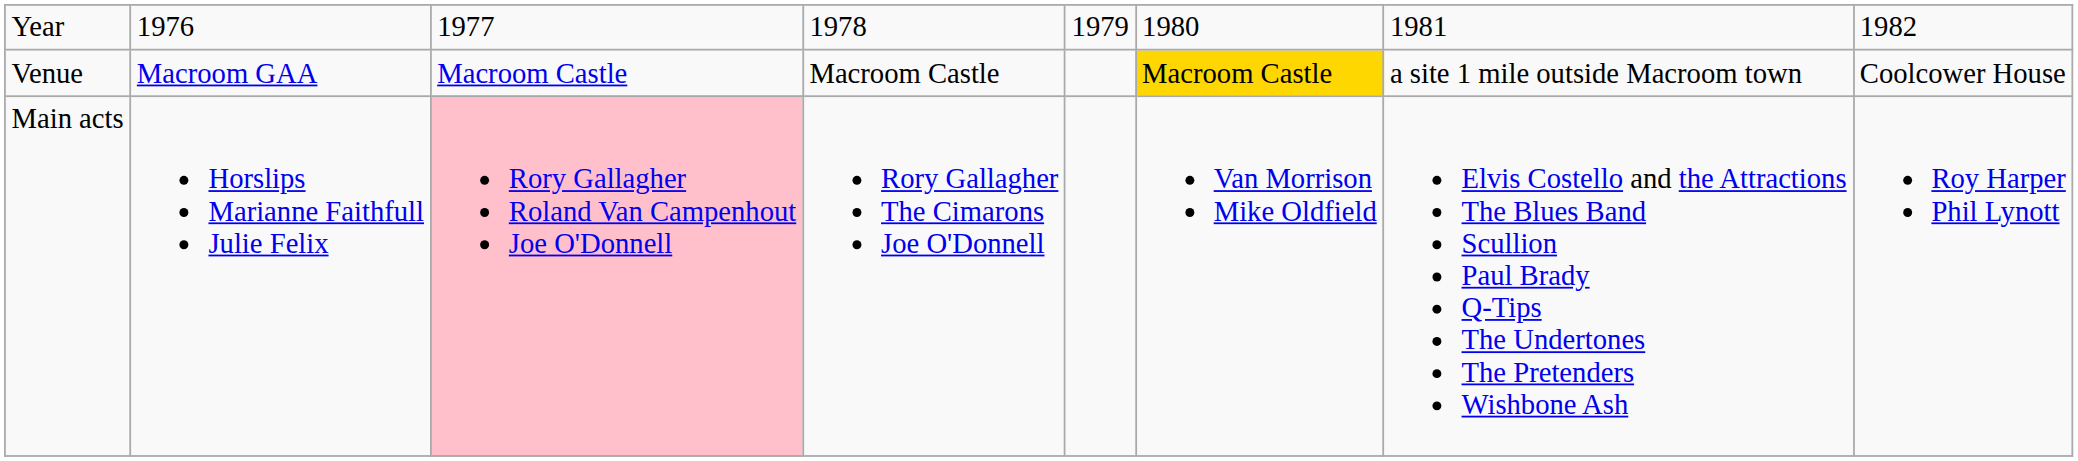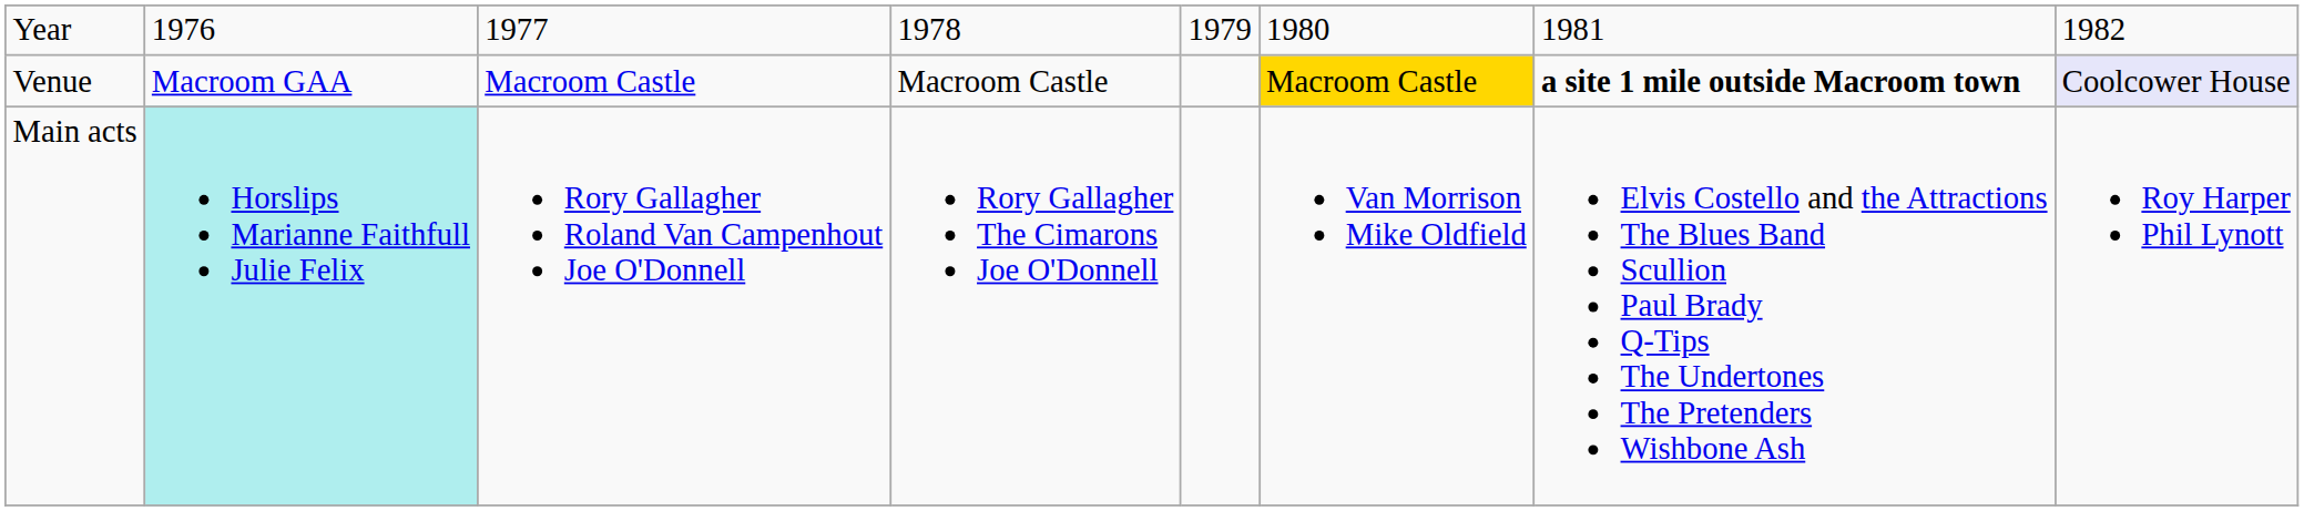 <table class="wikitable">
 <tr>
 <td>Year</td>
 <td>1976</td>
 <td>1977</td>
 <td>1978</td>
 <td>1979</td>
 <td>1980</td>
 <td>1981</td>
 <td>1982</td>
 </tr>
 <tr>
 <td>Venue</td>
 <td><a href='#'>Macroom GAA</a></td>
 <td><a href='#'>Macroom Castle</a></td>
 <td>Macroom Castle</td>
 <td></td>
 <td style="background: gold;">Macroom Castle</td>
-<td>a site 1 mile outside Macroom town</td>
-<td>Coolcower House</td>
+<td><strong>a site 1 mile outside Macroom town</strong></td>
+<td style="background: lavender;">Coolcower House</td>
 </tr>
 <tr valign="top">
 <td>Main acts</td>
-<td><br><ul><li><a href='#'>Horslips</a></li><li><a href='#'>Marianne Faithfull</a></li><li><a href='#'>Julie Felix</a></li></ul></td>
-<td style="background: pink;"><br><ul><li><a href='#'>Rory Gallagher</a></li><li><a href='#'>Roland Van Campenhout</a></li><li><a href='#'>Joe O'Donnell</a></li></ul></td>
+<td style="background: paleturquoise;"><br><ul><li><a href='#'>Horslips</a></li><li><a href='#'>Marianne Faithfull</a></li><li><a href='#'>Julie Felix</a></li></ul></td>
+<td><br><ul><li><a href='#'>Rory Gallagher</a></li><li><a href='#'>Roland Van Campenhout</a></li><li><a href='#'>Joe O'Donnell</a></li></ul></td>
 <td><br><ul><li><a href='#'>Rory Gallagher</a></li><li><a href='#'>The Cimarons</a></li><li><a href='#'>Joe O'Donnell</a></li></ul></td>
 <td></td>
 <td><br><ul><li><a href='#'>Van Morrison</a></li><li><a href='#'>Mike Oldfield</a></li></ul></td>
 <td><br><ul><li><a href='#'>Elvis Costello</a> and <a href='#'>the Attractions</a></li><li><a href='#'>The Blues Band</a></li><li><a href='#'>Scullion</a></li><li><a href='#'>Paul Brady</a></li><li><a href='#'>Q-Tips</a></li><li><a href='#'>The Undertones</a></li><li><a href='#'>The Pretenders</a></li><li><a href='#'>Wishbone Ash</a></li></ul></td>
 <td><br><ul><li><a href='#'>Roy Harper</a></li><li><a href='#'>Phil Lynott</a></li></ul></td>
 </tr>
 </table>
